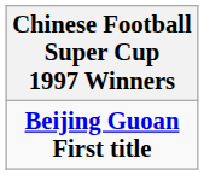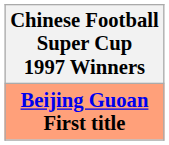 <table class="wikitable" style="text-align: center; margin: 0 auto; width: 20%">
 <tr>
 <th>Chinese Football Super Cup <br>1997 Winners</th>
 </tr>
 <tr>
-<td><strong><a href='#'>Beijing Guoan</a></strong><br><strong>First title</strong></td>
+<td style="background: lightsalmon;"><strong><a href='#'>Beijing Guoan</a></strong><br><strong>First title</strong></td>
 </tr>
 </table>
